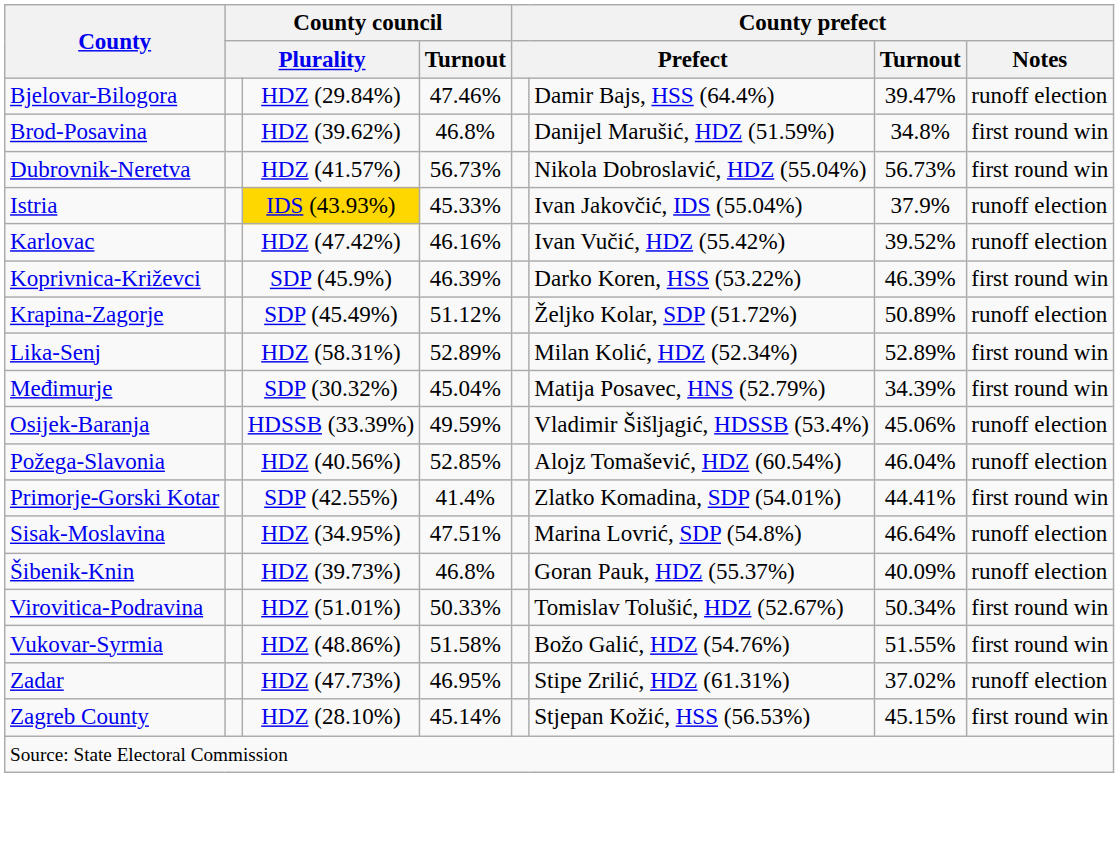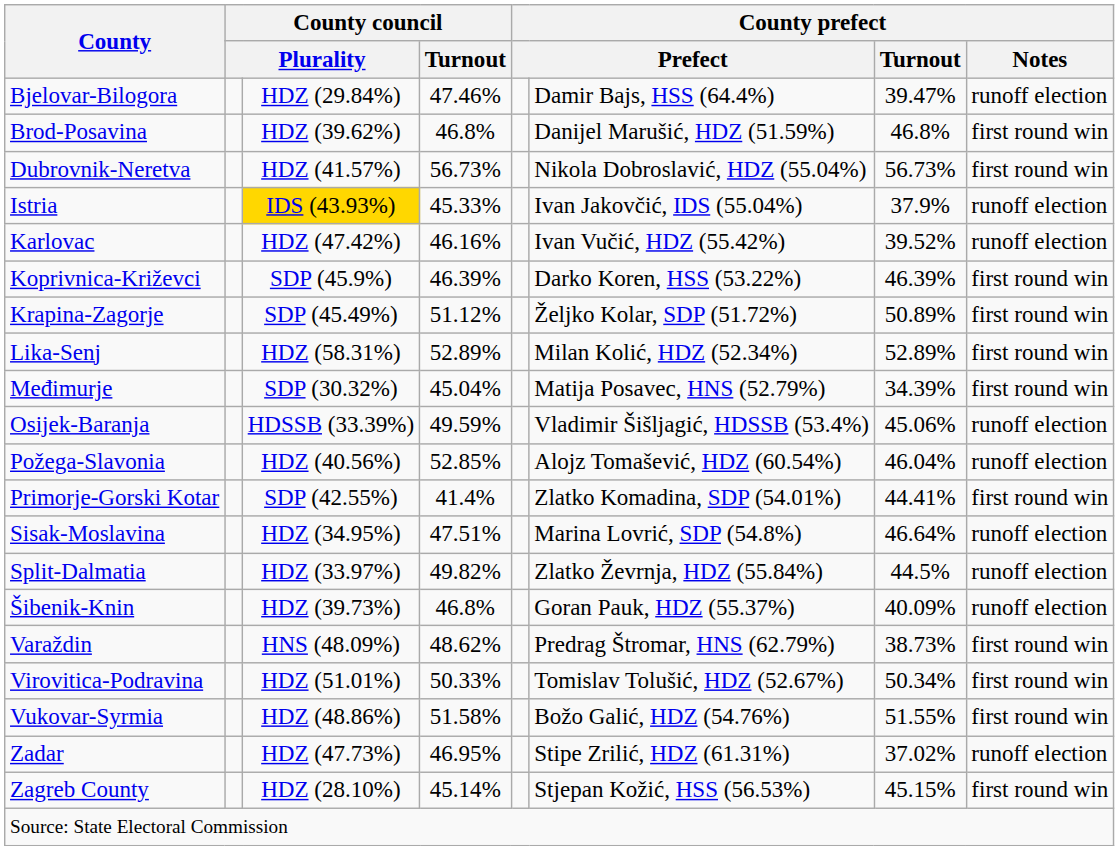 <table class="wikitable">
 <tr>
 <th rowspan="2"><a href='#'>County</a></th>
 <th colspan=3>County council</th>
 <th colspan=4>County prefect</th>
 </tr>
 <tr>
 <th colspan=2><a href='#'>Plurality</a></th>
 <th>Turnout</th>
 <th colspan=2>Prefect</th>
 <th>Turnout</th>
 <th>Notes</th>
 </tr>
 <tr>
 <td><a href='#'>Bjelovar-Bilogora</a></td>
 <td width=5px style="background-color:"></td>
 <td style="text-align:center;"><a href='#'>HDZ</a> (29.84%)</td>
 <td style="text-align:center;">47.46%</td>
 <td width=5px style="background-color:"></td>
 <td>Damir Bajs, <a href='#'>HSS</a> (64.4%)</td>
 <td style="text-align:center;">39.47%</td>
 <td>runoff election</td>
 </tr>
 <tr>
 <td><a href='#'>Brod-Posavina</a></td>
 <td width=5px style="background-color:"></td>
 <td style="text-align:center;"><a href='#'>HDZ</a> (39.62%)</td>
 <td style="text-align:center;">46.8%</td>
 <td width=5px style="background-color:"></td>
 <td>Danijel Marušić, <a href='#'>HDZ</a> (51.59%)</td>
-<td style="text-align:center;">34.8%</td>
+<td style="text-align:center;">46.8%</td>
 <td>first round win</td>
 </tr>
 <tr>
 <td><a href='#'>Dubrovnik-Neretva</a></td>
 <td width=5px style="background-color:"></td>
 <td style="text-align:center;"><a href='#'>HDZ</a> (41.57%)</td>
 <td style="text-align:center;">56.73%</td>
 <td width=5px style="background-color:"></td>
 <td>Nikola Dobroslavić, <a href='#'>HDZ</a> (55.04%)</td>
 <td style="text-align:center;">56.73%</td>
 <td>first round win</td>
 </tr>
 <tr>
 <td><a href='#'>Istria</a></td>
 <td width=5px style="background-color:"></td>
 <td style="background: gold; text-align:center;"><a href='#'>IDS</a> (43.93%)</td>
 <td style="text-align:center;">45.33%</td>
 <td width=5px style="background-color:"></td>
 <td>Ivan Jakovčić, <a href='#'>IDS</a> (55.04%)</td>
 <td style="text-align:center;">37.9%</td>
 <td>runoff election</td>
 </tr>
 <tr>
 <td><a href='#'>Karlovac</a></td>
 <td width=5px style="background-color:"></td>
 <td style="text-align:center;"><a href='#'>HDZ</a> (47.42%)</td>
 <td style="text-align:center;">46.16%</td>
 <td width=5px style="background-color:"></td>
 <td>Ivan Vučić, <a href='#'>HDZ</a> (55.42%)</td>
 <td style="text-align:center;">39.52%</td>
 <td>runoff election</td>
 </tr>
 <tr>
 <td><a href='#'>Koprivnica-Križevci</a></td>
 <td width=5px style="background-color:"></td>
 <td style="text-align:center;"><a href='#'>SDP</a> (45.9%)</td>
 <td style="text-align:center;">46.39%</td>
 <td width=5px style="background-color:"></td>
 <td>Darko Koren, <a href='#'>HSS</a> (53.22%)</td>
 <td style="text-align:center;">46.39%</td>
 <td>first round win</td>
 </tr>
 <tr>
 <td><a href='#'>Krapina-Zagorje</a></td>
 <td width=5px style="background-color:"></td>
 <td style="text-align:center;"><a href='#'>SDP</a> (45.49%)</td>
 <td style="text-align:center;">51.12%</td>
 <td width=5px style="background-color:"></td>
 <td>Željko Kolar, <a href='#'>SDP</a> (51.72%)</td>
 <td style="text-align:center;">50.89%</td>
-<td>runoff election</td>
+<td>first round win</td>
 </tr>
 <tr>
 <td><a href='#'>Lika-Senj</a></td>
 <td width=5px style="background-color:"></td>
 <td style="text-align:center;"><a href='#'>HDZ</a> (58.31%)</td>
 <td style="text-align:center;">52.89%</td>
 <td width=5px style="background-color:"></td>
 <td>Milan Kolić, <a href='#'>HDZ</a> (52.34%)</td>
 <td style="text-align:center;">52.89%</td>
 <td>first round win</td>
 </tr>
 <tr>
 <td><a href='#'>Međimurje</a></td>
 <td width=5px style="background-color:"></td>
 <td style="text-align:center;"><a href='#'>SDP</a> (30.32%)</td>
 <td style="text-align:center;">45.04%</td>
 <td width=5px style="background-color:"></td>
 <td>Matija Posavec, <a href='#'>HNS</a> (52.79%)</td>
 <td style="text-align:center;">34.39%</td>
 <td>first round win</td>
 </tr>
 <tr>
 <td><a href='#'>Osijek-Baranja</a></td>
 <td width=5px style="background-color:"></td>
 <td style="text-align:center;"><a href='#'>HDSSB</a> (33.39%)</td>
 <td style="text-align:center;">49.59%</td>
 <td width=5px style="background-color:"></td>
 <td>Vladimir Šišljagić, <a href='#'>HDSSB</a> (53.4%)</td>
 <td style="text-align:center;">45.06%</td>
 <td>runoff election</td>
 </tr>
 <tr>
 <td><a href='#'>Požega-Slavonia</a></td>
 <td width=5px style="background-color:"></td>
 <td style="text-align:center;"><a href='#'>HDZ</a> (40.56%)</td>
 <td style="text-align:center;">52.85%</td>
 <td width=5px style="background-color:"></td>
 <td>Alojz Tomašević, <a href='#'>HDZ</a> (60.54%)</td>
 <td style="text-align:center;">46.04%</td>
 <td>runoff election</td>
 </tr>
 <tr>
 <td><a href='#'>Primorje-Gorski Kotar</a></td>
 <td width=5px style="background-color:"></td>
 <td style="text-align:center;"><a href='#'>SDP</a> (42.55%)</td>
 <td style="text-align:center;">41.4%</td>
 <td width=5px style="background-color:"></td>
 <td>Zlatko Komadina, <a href='#'>SDP</a> (54.01%)</td>
 <td style="text-align:center;">44.41%</td>
 <td>first round win</td>
 </tr>
 <tr>
 <td><a href='#'>Sisak-Moslavina</a></td>
 <td width=5px style="background-color:"></td>
 <td style="text-align:center;"><a href='#'>HDZ</a> (34.95%)</td>
 <td style="text-align:center;">47.51%</td>
 <td width=5px style="background-color:"></td>
 <td>Marina Lovrić, <a href='#'>SDP</a> (54.8%)</td>
 <td style="text-align:center;">46.64%</td>
 <td>runoff election</td>
 </tr>
 <tr>
+<td><a href='#'>Split-Dalmatia</a></td>
+<td width=5px style="background-color:"></td>
+<td style="text-align:center;"><a href='#'>HDZ</a> (33.97%)</td>
+<td style="text-align:center;">49.82%</td>
+<td width=5px style="background-color:"></td>
+<td>Zlatko Ževrnja, <a href='#'>HDZ</a> (55.84%)</td>
+<td style="text-align:center;">44.5%</td>
+<td>runoff election</td>
+</tr>
+<tr>
 <td><a href='#'>Šibenik-Knin</a></td>
 <td width=5px style="background-color:"></td>
 <td style="text-align:center;"><a href='#'>HDZ</a> (39.73%)</td>
 <td style="text-align:center;">46.8%</td>
 <td width=5px style="background-color:"></td>
 <td>Goran Pauk, <a href='#'>HDZ</a> (55.37%)</td>
 <td style="text-align:center;">40.09%</td>
 <td>runoff election</td>
+</tr>
+<tr>
+<td><a href='#'>Varaždin</a></td>
+<td width=5px style="background-color:"></td>
+<td style="text-align:center;"><a href='#'>HNS</a> (48.09%)</td>
+<td style="text-align:center;">48.62%</td>
+<td width=5px style="background-color:"></td>
+<td>Predrag Štromar, <a href='#'>HNS</a> (62.79%)</td>
+<td style="text-align:center;">38.73%</td>
+<td>first round win</td>
 </tr>
 <tr>
 <td><a href='#'>Virovitica-Podravina</a></td>
 <td width=5px style="background-color:"></td>
 <td style="text-align:center;"><a href='#'>HDZ</a> (51.01%)</td>
 <td style="text-align:center;">50.33%</td>
 <td width=5px style="background-color:"></td>
 <td>Tomislav Tolušić, <a href='#'>HDZ</a> (52.67%)</td>
 <td style="text-align:center;">50.34%</td>
 <td>first round win</td>
 </tr>
 <tr>
 <td><a href='#'>Vukovar-Syrmia</a></td>
 <td width=5px style="background-color:"></td>
 <td style="text-align:center;"><a href='#'>HDZ</a> (48.86%)</td>
 <td style="text-align:center;">51.58%</td>
 <td width=5px style="background-color:"></td>
 <td>Božo Galić, <a href='#'>HDZ</a> (54.76%)</td>
 <td style="text-align:center;">51.55%</td>
 <td>first round win</td>
 </tr>
 <tr>
 <td><a href='#'>Zadar</a></td>
 <td width=5px style="background-color:"></td>
 <td style="text-align:center;"><a href='#'>HDZ</a> (47.73%)</td>
 <td style="text-align:center;">46.95%</td>
 <td width=5px style="background-color:"></td>
 <td>Stipe Zrilić, <a href='#'>HDZ</a> (61.31%)</td>
 <td style="text-align:center;">37.02%</td>
 <td>runoff election</td>
 </tr>
 <tr>
 <td><a href='#'>Zagreb County</a></td>
 <td width=5px style="background-color:"></td>
 <td style="text-align:center;"><a href='#'>HDZ</a> (28.10%)</td>
 <td style="text-align:center;">45.14%</td>
 <td width=5px style="background-color:"></td>
 <td>Stjepan Kožić, <a href='#'>HSS</a> (56.53%)</td>
 <td style="text-align:center;">45.15%</td>
 <td>first round win</td>
 </tr>
 <tr>
 <td colspan=8><small>Source: State Electoral Commission</small></td>
 </tr>
 </table>
